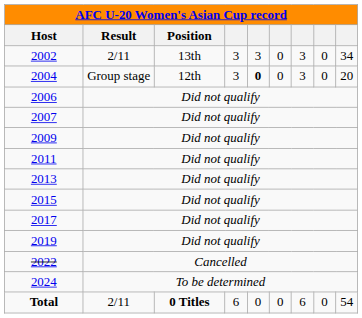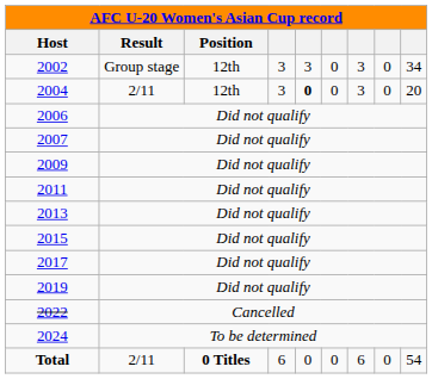 <table class="wikitable collapsible" style="text-align: center;">
 <tr>
 <th colspan=12 style="background: #FF8C00; color: #0000FF;"><a href='#'>AFC U-20 Women's Asian Cup record</a></th>
 </tr>
 <tr>
 <th width="90">Host</th>
 <th width="80">Result</th>
 <th width="80">Position</th>
 <th width="20"></th>
 <th width="20"></th>
 <th width="20"></th>
 <th width="20"></th>
 <th width="20"></th>
 <th width="20"></th>
 </tr>
 <tr>
 <td> <a href='#'>2002</a></td>
-<td>2/11</td>
-<td>13th</td>
+<td>Group stage</td>
+<td>12th</td>
 <td>3</td>
 <td>3</td>
 <td>0</td>
 <td>3</td>
 <td>0</td>
 <td>34</td>
 </tr>
 <tr>
 <td> <a href='#'>2004</a></td>
-<td>Group stage</td>
+<td>2/11</td>
 <td>12th</td>
 <td>3</td>
 <td><strong>0</strong></td>
 <td>0</td>
 <td>3</td>
 <td>0</td>
 <td>20</td>
 </tr>
 <tr>
 <td> <a href='#'>2006</a></td>
 <td colspan=10><em>Did not qualify</em></td>
 </tr>
 <tr>
 <td> <a href='#'>2007</a></td>
 <td colspan=10><em>Did not qualify</em></td>
 </tr>
 <tr>
 <td> <a href='#'>2009</a></td>
 <td colspan=10><em>Did not qualify</em></td>
 </tr>
 <tr>
 <td> <a href='#'>2011</a></td>
 <td colspan=10><em>Did not qualify</em></td>
 </tr>
 <tr>
 <td> <a href='#'>2013</a></td>
 <td colspan=10><em>Did not qualify</em></td>
 </tr>
 <tr>
 <td> <a href='#'>2015</a></td>
 <td colspan=10><em>Did not qualify</em></td>
 </tr>
 <tr>
 <td> <a href='#'>2017</a></td>
 <td colspan=10><em>Did not qualify</em></td>
 </tr>
 <tr>
 <td> <a href='#'>2019</a></td>
 <td colspan=10><em>Did not qualify</em></td>
 </tr>
 <tr>
 <td><s><a href='#'>2022</a></s></td>
 <td colspan=10><em>Cancelled</em></td>
 </tr>
 <tr>
 <td> <a href='#'>2024</a></td>
 <td colspan=10><em>To be determined</em></td>
 </tr>
 <tr>
 <td><strong>Total</strong></td>
 <td>2/11</td>
 <td><strong>0 Titles</strong></td>
 <td>6</td>
 <td>0</td>
 <td>0</td>
 <td>6</td>
 <td>0</td>
 <td>54</td>
 </tr>
 </table>
